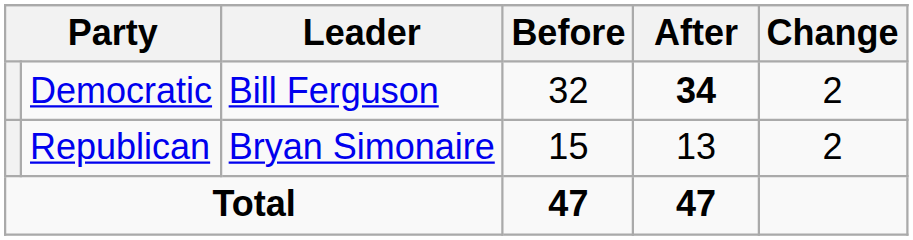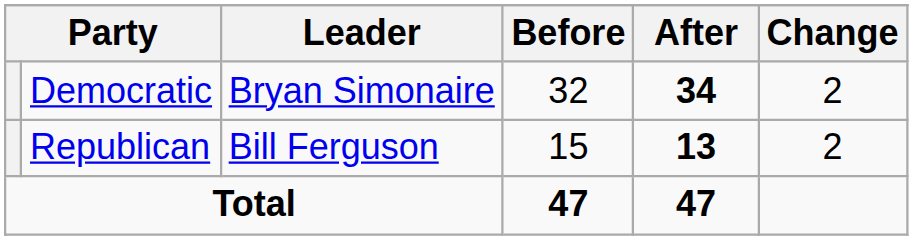 <table class="wikitable" style="text-align:center;">
 <tr>
 </tr>
 <tr>
 <th colspan=2>Party</th>
 <th>Leader</th>
 <th style="width:3em">Before</th>
 <th style="width:3em">After</th>
 <th style="width:3em">Change</th>
 </tr>
 <tr>
 <th style="background-color:"></th>
 <td style="text-align:left;"><a href='#'>Democratic</a></td>
-<td style="text-align:left;"><a href='#'>Bill Ferguson</a></td>
+<td style="text-align:left;"><a href='#'>Bryan Simonaire</a></td>
 <td>32</td>
 <td><strong>34</strong></td>
 <td> 2</td>
 </tr>
 <tr>
 <th style="background-color:"></th>
 <td style="text-align:left;"><a href='#'>Republican</a></td>
-<td style="text-align:left;"><a href='#'>Bryan Simonaire</a></td>
+<td style="text-align:left;"><a href='#'>Bill Ferguson</a></td>
 <td>15</td>
-<td>13</td>
+<td><strong>13</strong></td>
 <td> 2</td>
 </tr>
 <tr>
 <td colspan=3><strong>Total</strong></td>
 <td><strong>47</strong></td>
 <td><strong>47</strong></td>
 <td></td>
 </tr>
 </table>
